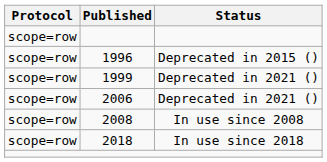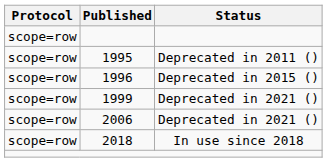 <table class="wikitable sortable"style=float:right;text-align:center;margin-left:1em>
 <tr>
 <th scope=col>Protocol</th>
 <th scope=col>Published</th>
 <th scope=col>Status</th>
 </tr>
 <tr>
 <td>scope=row </td>
 <td></td>
 <td></td>
+</tr>
+<tr>
+<td>scope=row </td>
+<td>1995</td>
+<td>Deprecated in 2011 ()</td>
 </tr>
 <tr>
 <td>scope=row </td>
 <td>1996</td>
 <td>Deprecated in 2015 ()</td>
 </tr>
 <tr>
 <td>scope=row </td>
 <td>1999</td>
 <td>Deprecated in 2021 ()</td>
 </tr>
 <tr>
 <td>scope=row </td>
 <td>2006</td>
 <td>Deprecated in 2021 ()</td>
 </tr>
 <tr>
 <td>scope=row </td>
-<td>2008</td>
-<td>In use since 2008</td>
-</tr>
-<tr>
-<td>scope=row </td>
 <td>2018</td>
 <td>In use since 2018</td>
 </tr>
 <tr>
 <td colspan="3"></td>
 </tr>
 </table>
